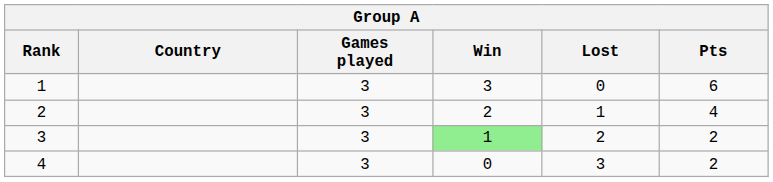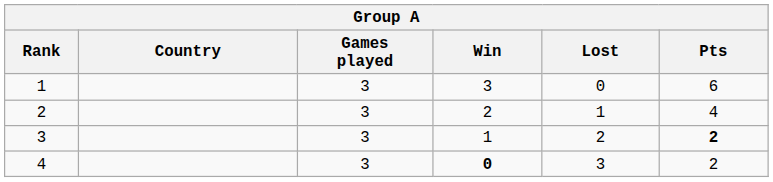 <table class="wikitable" style= "text-align: center; Width:50%">
 <tr>
 <th colspan= 6>Group A</th>
 </tr>
 <tr>
 <th width=2%>Rank</th>
 <th width=10%>Country</th>
 <th width=5%>Games <br> played</th>
 <th width=5%>Win</th>
 <th width=5%>Lost</th>
 <th width=5%>Pts</th>
 </tr>
 <tr>
 <td>1</td>
 <td style= "text-align: left"></td>
 <td>3</td>
 <td>3</td>
 <td>0</td>
 <td>6</td>
 </tr>
 <tr>
 <td>2</td>
 <td style= "text-align: left"></td>
 <td>3</td>
 <td>2</td>
 <td>1</td>
 <td>4</td>
 </tr>
 <tr>
 <td>3</td>
 <td style= "text-align: left"></td>
 <td>3</td>
-<td style="background: lightgreen;">1</td>
+<td>1</td>
 <td>2</td>
-<td>2</td>
+<td><strong>2</strong></td>
 </tr>
 <tr>
 <td>4</td>
 <td style= "text-align: left"></td>
 <td>3</td>
-<td>0</td>
+<td><strong>0</strong></td>
 <td>3</td>
 <td>2</td>
 </tr>
 </table>
